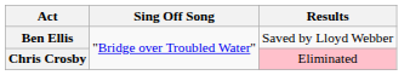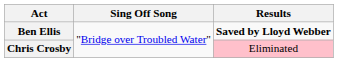 <table class="wikitable plainrowheaders" style="text-align:center;">
 <tr>
 <th scope="col">Act</th>
 <th scope="col">Sing Off Song</th>
 <th scope="col">Results</th>
 </tr>
 <tr>
 <th scope="row">Ben Ellis</th>
 <td rowspan="2">"<a href='#'>Bridge over Troubled Water</a>"</td>
-<td>Saved by Lloyd Webber</td>
+<td><strong>Saved by Lloyd Webber</strong></td>
 </tr>
 <tr>
 <th scope="row">Chris Crosby</th>
 <td style="background:pink;">Eliminated</td>
 </tr>
 </table>
